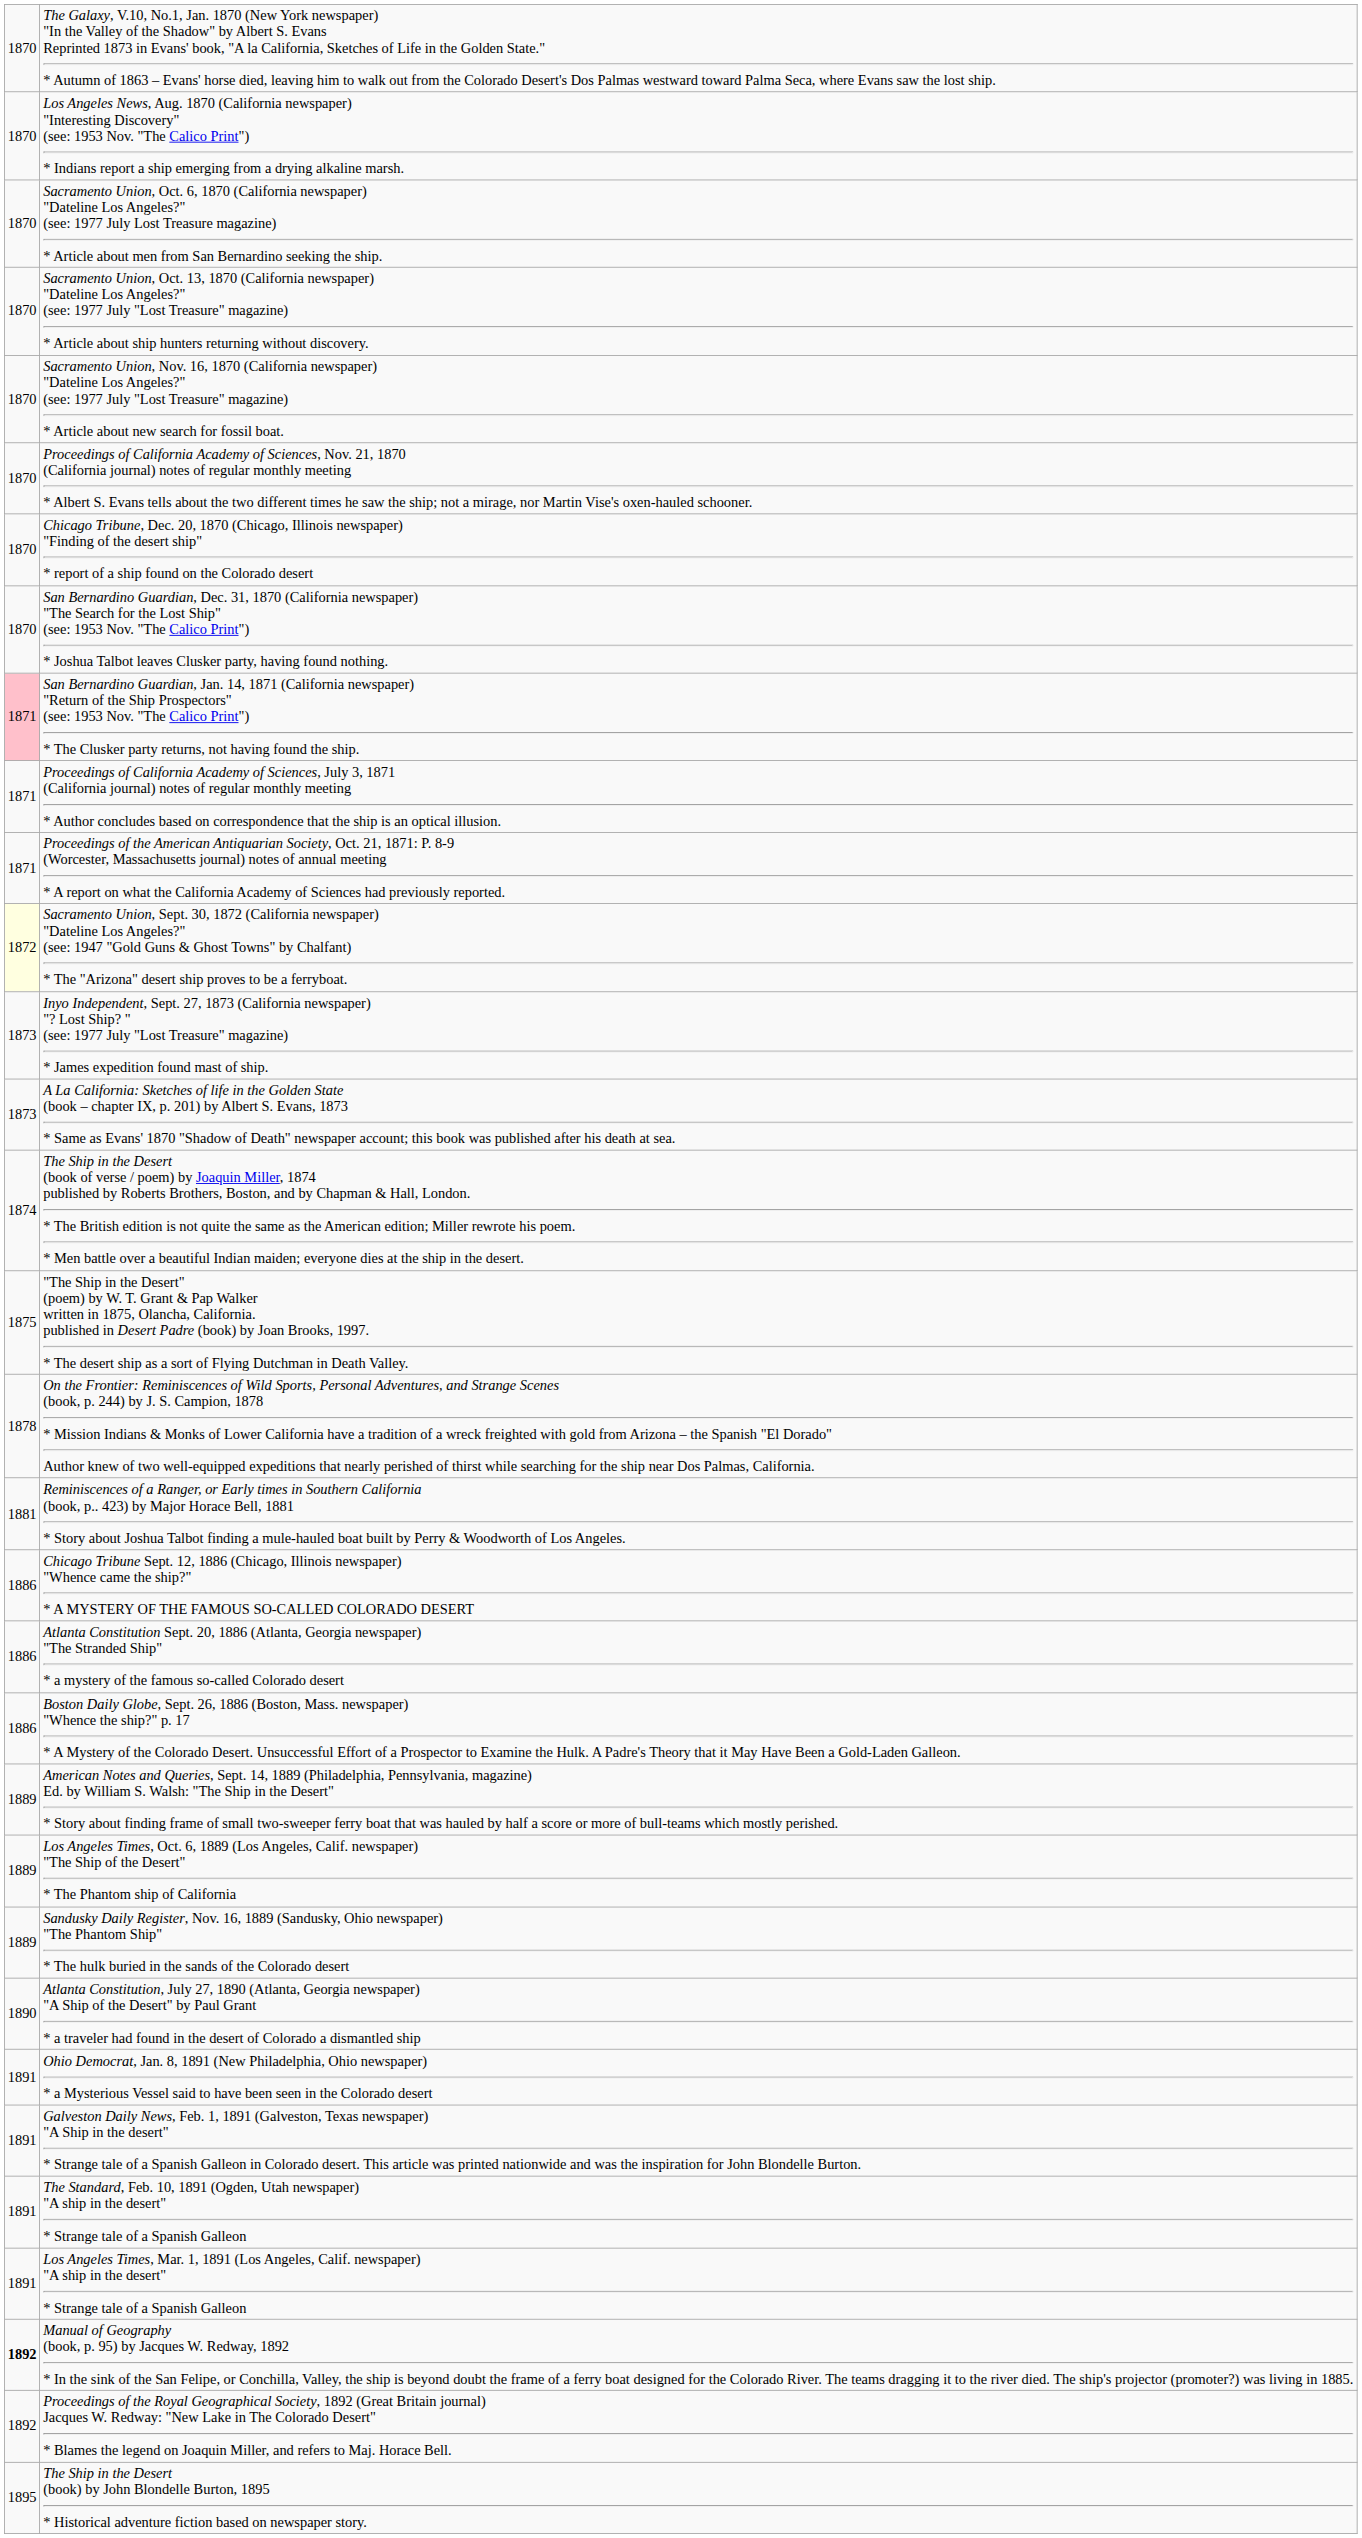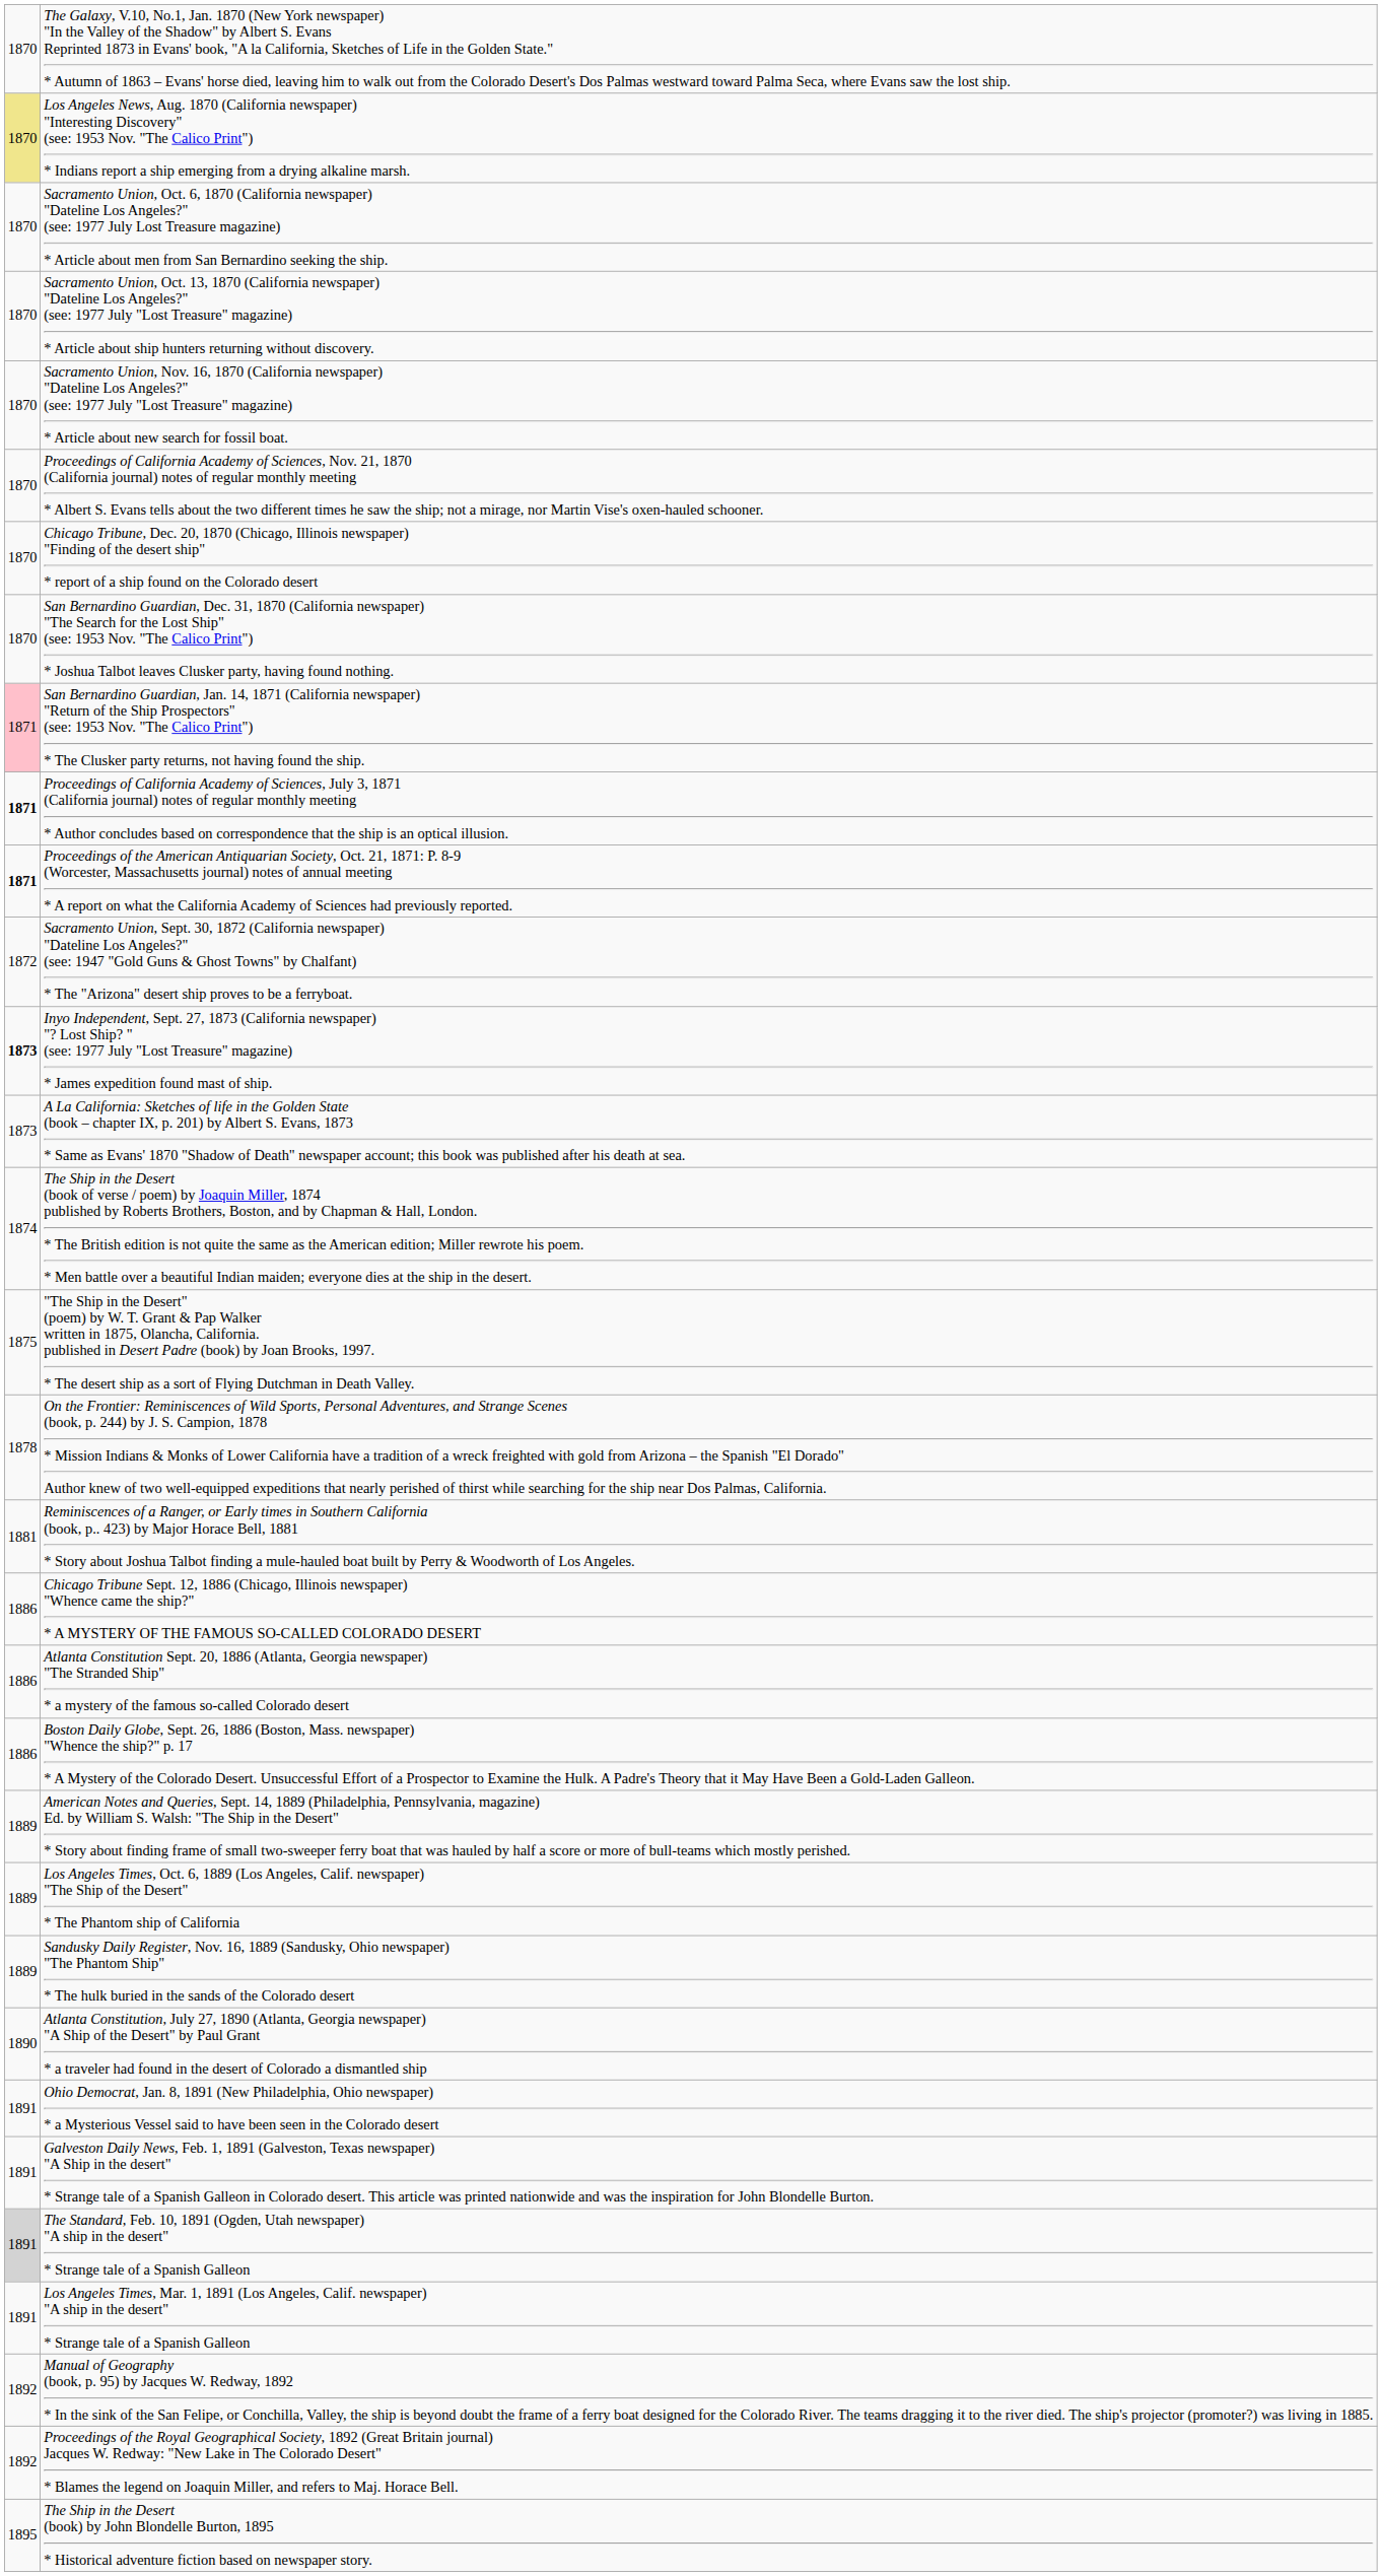 <table class="wikitable">
 <tr>
 <td>1870</td>
 <td><em>The Galaxy</em>, V.10, No.1, Jan. 1870 (New York newspaper)<br>"In the Valley of the Shadow" by Albert S. Evans <br>Reprinted 1873 in Evans' book, "A la California, Sketches of Life in the Golden State." <hr>* Autumn of 1863 – Evans' horse died, leaving him to walk out from the Colorado Desert's Dos Palmas westward toward Palma Seca, where Evans saw the lost ship.</td>
 </tr>
 <tr>
-<td>1870</td>
+<td style="background: khaki;">1870</td>
 <td><em>Los Angeles News</em>, Aug. 1870 (California newspaper)<br>"Interesting Discovery" <br>(see: 1953 Nov. "The <a href='#'>Calico Print</a>") <hr>* Indians report a ship emerging from a drying alkaline marsh.</td>
 </tr>
 <tr>
 <td>1870</td>
 <td><em>Sacramento Union</em>, Oct. 6, 1870 (California newspaper)<br>"Dateline Los Angeles?" <br>(see: 1977 July Lost Treasure magazine) <hr>* Article about men from San Bernardino seeking the ship.</td>
 </tr>
 <tr>
 <td>1870</td>
 <td><em>Sacramento Union</em>, Oct. 13, 1870 (California newspaper)<br>"Dateline Los Angeles?" <br>(see: 1977 July "Lost Treasure" magazine) <hr>* Article about ship hunters returning without discovery.</td>
 </tr>
 <tr>
 <td>1870</td>
 <td><em>Sacramento Union</em>, Nov. 16, 1870 (California newspaper)<br>"Dateline Los Angeles?" <br>(see: 1977 July "Lost Treasure" magazine) <hr>* Article about new search for fossil boat.</td>
 </tr>
 <tr>
 <td>1870</td>
 <td><em>Proceedings of California Academy of Sciences</em>, Nov. 21, 1870<br>(California journal) notes of regular monthly meeting <hr>* Albert S. Evans tells about the two different times he saw the ship; not a mirage, nor Martin Vise's oxen-hauled schooner.</td>
 </tr>
 <tr>
 <td>1870</td>
 <td><em>Chicago Tribune</em>, Dec. 20, 1870 (Chicago, Illinois newspaper)<br>"Finding of the desert ship" <hr>* report of a ship found on the Colorado desert</td>
 </tr>
 <tr>
 <td>1870</td>
 <td><em>San Bernardino Guardian</em>, Dec. 31, 1870 (California newspaper)<br>"The Search for the Lost Ship" <br>(see: 1953 Nov. "The <a href='#'>Calico Print</a>") <hr>* Joshua Talbot leaves Clusker party, having found nothing.</td>
 </tr>
 <tr>
 <td style="background: pink;">1871</td>
 <td><em>San Bernardino Guardian</em>, Jan. 14, 1871 (California newspaper)<br>"Return of the Ship Prospectors" <br>(see: 1953 Nov. "The <a href='#'>Calico Print</a>") <hr>* The Clusker party returns, not having found the ship.</td>
 </tr>
 <tr>
-<td>1871</td>
+<td><strong>1871</strong></td>
 <td><em>Proceedings of California Academy of Sciences</em>, July 3, 1871<br>(California journal) notes of regular monthly meeting <hr>* Author concludes based on correspondence that the ship is an optical illusion.</td>
 </tr>
 <tr>
-<td>1871</td>
+<td><strong>1871</strong></td>
 <td><em>Proceedings of the American Antiquarian Society</em>, Oct. 21, 1871: P. 8-9<br>(Worcester, Massachusetts journal) notes of annual meeting <hr>* A report on what the California Academy of Sciences had previously reported.</td>
 </tr>
 <tr>
-<td style="background: lightyellow;">1872</td>
+<td>1872</td>
 <td><em>Sacramento Union</em>, Sept. 30, 1872 (California newspaper)<br>"Dateline Los Angeles?" <br>(see: 1947 "Gold Guns & Ghost Towns" by Chalfant) <hr>* The "Arizona" desert ship proves to be a ferryboat.</td>
 </tr>
 <tr>
-<td>1873</td>
+<td><strong>1873</strong></td>
 <td><em>Inyo Independent</em>, Sept. 27, 1873 (California newspaper)<br>"? Lost Ship? " <br>(see: 1977 July "Lost Treasure" magazine) <hr>* James expedition found mast of ship.</td>
 </tr>
 <tr>
 <td>1873</td>
 <td><em>A La California: Sketches of life in the Golden State</em><br>(book – chapter IX, p. 201) by Albert S. Evans, 1873 <hr>* Same as Evans' 1870 "Shadow of Death" newspaper account; this book was published after his death at sea.</td>
 </tr>
 <tr>
 <td>1874</td>
 <td><em>The Ship in the Desert</em><br>(book of verse / poem) by <a href='#'>Joaquin Miller</a>, 1874 <br>published by Roberts Brothers, Boston, and by Chapman & Hall, London. <hr>* The British edition is not quite the same as the American edition; Miller rewrote his poem. <hr>* Men battle over a beautiful Indian maiden; everyone dies at the ship in the desert.</td>
 </tr>
 <tr>
 <td>1875</td>
 <td>"The Ship in the Desert"<br>(poem) by W. T. Grant & Pap Walker <br>written in 1875, Olancha, California. <br>published in <em>Desert Padre</em> (book) by Joan Brooks, 1997. <hr>* The desert ship as a sort of Flying Dutchman in Death Valley.</td>
 </tr>
 <tr>
 <td>1878</td>
 <td><em>On the Frontier: Reminiscences of Wild Sports, Personal Adventures, and Strange Scenes</em><br>(book, p. 244) by J. S. Campion, 1878 <hr>* Mission Indians & Monks of Lower California have a tradition of a wreck freighted with gold from Arizona – the Spanish "El Dorado" <hr> Author knew of two well-equipped expeditions that nearly perished of thirst while searching for the ship near Dos Palmas, California.</td>
 </tr>
 <tr>
 <td>1881</td>
 <td><em>Reminiscences of a Ranger, or Early times in Southern California</em><br>(book, p.. 423) by Major Horace Bell, 1881 <hr>* Story about Joshua Talbot finding a mule-hauled boat built by Perry & Woodworth of Los Angeles.</td>
 </tr>
 <tr>
 <td>1886</td>
 <td><em>Chicago Tribune</em> Sept. 12, 1886 (Chicago, Illinois newspaper)<br>"Whence came the ship?" <hr>* A MYSTERY OF THE FAMOUS SO-CALLED COLORADO DESERT</td>
 </tr>
 <tr>
 <td>1886</td>
 <td><em>Atlanta Constitution</em> Sept. 20, 1886 (Atlanta, Georgia newspaper)<br>"The Stranded Ship" <hr>* a mystery of the famous so-called Colorado desert</td>
 </tr>
 <tr>
 <td>1886</td>
 <td><em>Boston Daily Globe</em>, Sept. 26, 1886 (Boston, Mass. newspaper)<br>"Whence the ship?" p. 17 <hr>* A Mystery of the Colorado Desert. Unsuccessful Effort of a Prospector to Examine the Hulk. A Padre's Theory that it May Have Been a Gold-Laden Galleon.</td>
 </tr>
 <tr>
 <td>1889</td>
 <td><em>American Notes and Queries</em>, Sept. 14, 1889 (Philadelphia, Pennsylvania, magazine)<br>Ed. by William S. Walsh: "The Ship in the Desert" <hr>* Story about finding frame of small two-sweeper ferry boat that was hauled by half a score or more of bull-teams which mostly perished.</td>
 </tr>
 <tr>
 <td>1889</td>
 <td><em>Los Angeles Times</em>, Oct. 6, 1889 (Los Angeles, Calif. newspaper)<br>"The Ship of the Desert" <hr>* The Phantom ship of California</td>
 </tr>
 <tr>
 <td>1889</td>
 <td><em>Sandusky Daily Register</em>, Nov. 16, 1889 (Sandusky, Ohio newspaper)<br>"The Phantom Ship" <hr>* The hulk buried in the sands of the Colorado desert</td>
 </tr>
 <tr>
 <td>1890</td>
 <td><em>Atlanta Constitution</em>, July 27, 1890 (Atlanta, Georgia newspaper)<br>"A Ship of the Desert" by Paul Grant <hr>* a traveler had found in the desert of Colorado a dismantled ship</td>
 </tr>
 <tr>
 <td>1891</td>
 <td><em> Ohio Democrat</em>, Jan. 8, 1891 (New Philadelphia, Ohio newspaper)<br><hr>* a Mysterious Vessel said to have been seen in the Colorado desert</td>
 </tr>
 <tr>
 <td>1891</td>
 <td><em>Galveston Daily News</em>, Feb. 1, 1891 (Galveston, Texas newspaper)<br>"A Ship in the desert" <hr>* Strange tale of a Spanish Galleon in Colorado desert. This article was printed nationwide and was the inspiration for John Blondelle Burton.</td>
 </tr>
 <tr>
-<td>1891</td>
+<td style="background: lightgrey;">1891</td>
 <td><em>The Standard</em>, Feb. 10, 1891 (Ogden, Utah newspaper)<br>"A ship in the desert" <hr>* Strange tale of a Spanish Galleon</td>
 </tr>
 <tr>
 <td>1891</td>
 <td><em>Los Angeles Times</em>, Mar. 1, 1891 (Los Angeles, Calif. newspaper)<br>"A ship in the desert" <hr>* Strange tale of a Spanish Galleon</td>
 </tr>
 <tr>
-<td><strong>1892</strong></td>
+<td>1892</td>
 <td><em>Manual of Geography</em><br>(book, p. 95) by Jacques W. Redway, 1892 <hr>* In the sink of the San Felipe, or Conchilla, Valley, the ship is beyond doubt the frame of a ferry boat designed for the Colorado River. The teams dragging it to the river died. The ship's projector (promoter?) was living in 1885.</td>
 </tr>
 <tr>
 <td>1892</td>
 <td><em>Proceedings of the Royal Geographical Society</em>, 1892 (Great Britain journal)<br>Jacques W. Redway: "New Lake in The Colorado Desert" <hr>* Blames the legend on Joaquin Miller, and refers to Maj. Horace Bell.</td>
 </tr>
 <tr>
 <td>1895</td>
 <td><em>The Ship in the Desert</em><br>(book) by John Blondelle Burton, 1895 <hr>* Historical adventure fiction based on newspaper story.</td>
 </tr>
 </table>
